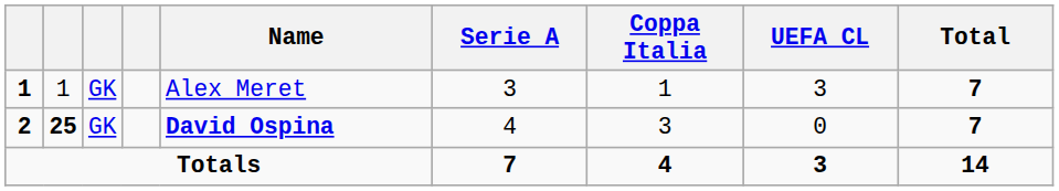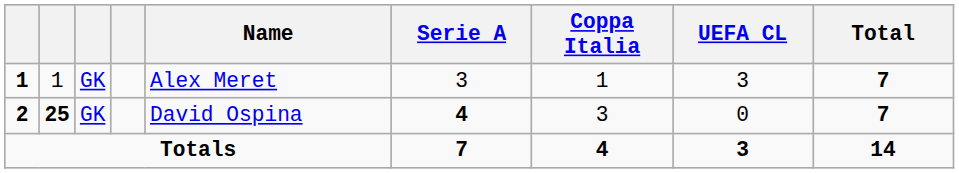 <table class="wikitable" style="text-align:center">
 <tr>
 <th width=15></th>
 <th width=15></th>
 <th width=15></th>
 <th width=15></th>
 <th width=145>Name</th>
 <th width=80><a href='#'>Serie A</a></th>
 <th width=80><a href='#'>Coppa Italia</a></th>
 <th width=80><a href='#'>UEFA CL</a></th>
 <th width=80>Total</th>
 </tr>
 <tr>
 <td><strong>1</strong></td>
 <td>1</td>
 <td><a href='#'>GK</a></td>
 <td></td>
 <td align=left><a href='#'>Alex Meret</a></td>
 <td>3</td>
 <td>1</td>
 <td>3</td>
 <td><strong>7</strong></td>
 </tr>
 <tr>
 <td><strong>2</strong></td>
 <td><strong>25</strong></td>
 <td><a href='#'>GK</a></td>
 <td></td>
-<td align=left><strong><a href='#'>David Ospina</a></strong></td>
-<td>4</td>
+<td align=left><a href='#'>David Ospina</a></td>
+<td><strong>4</strong></td>
 <td>3</td>
 <td>0</td>
 <td><strong>7</strong></td>
 </tr>
 <tr>
 <td colspan=5><strong>Totals</strong></td>
 <td><strong>7</strong></td>
 <td><strong>4</strong></td>
 <td><strong>3</strong></td>
 <td><strong>14</strong></td>
 </tr>
 </table>
